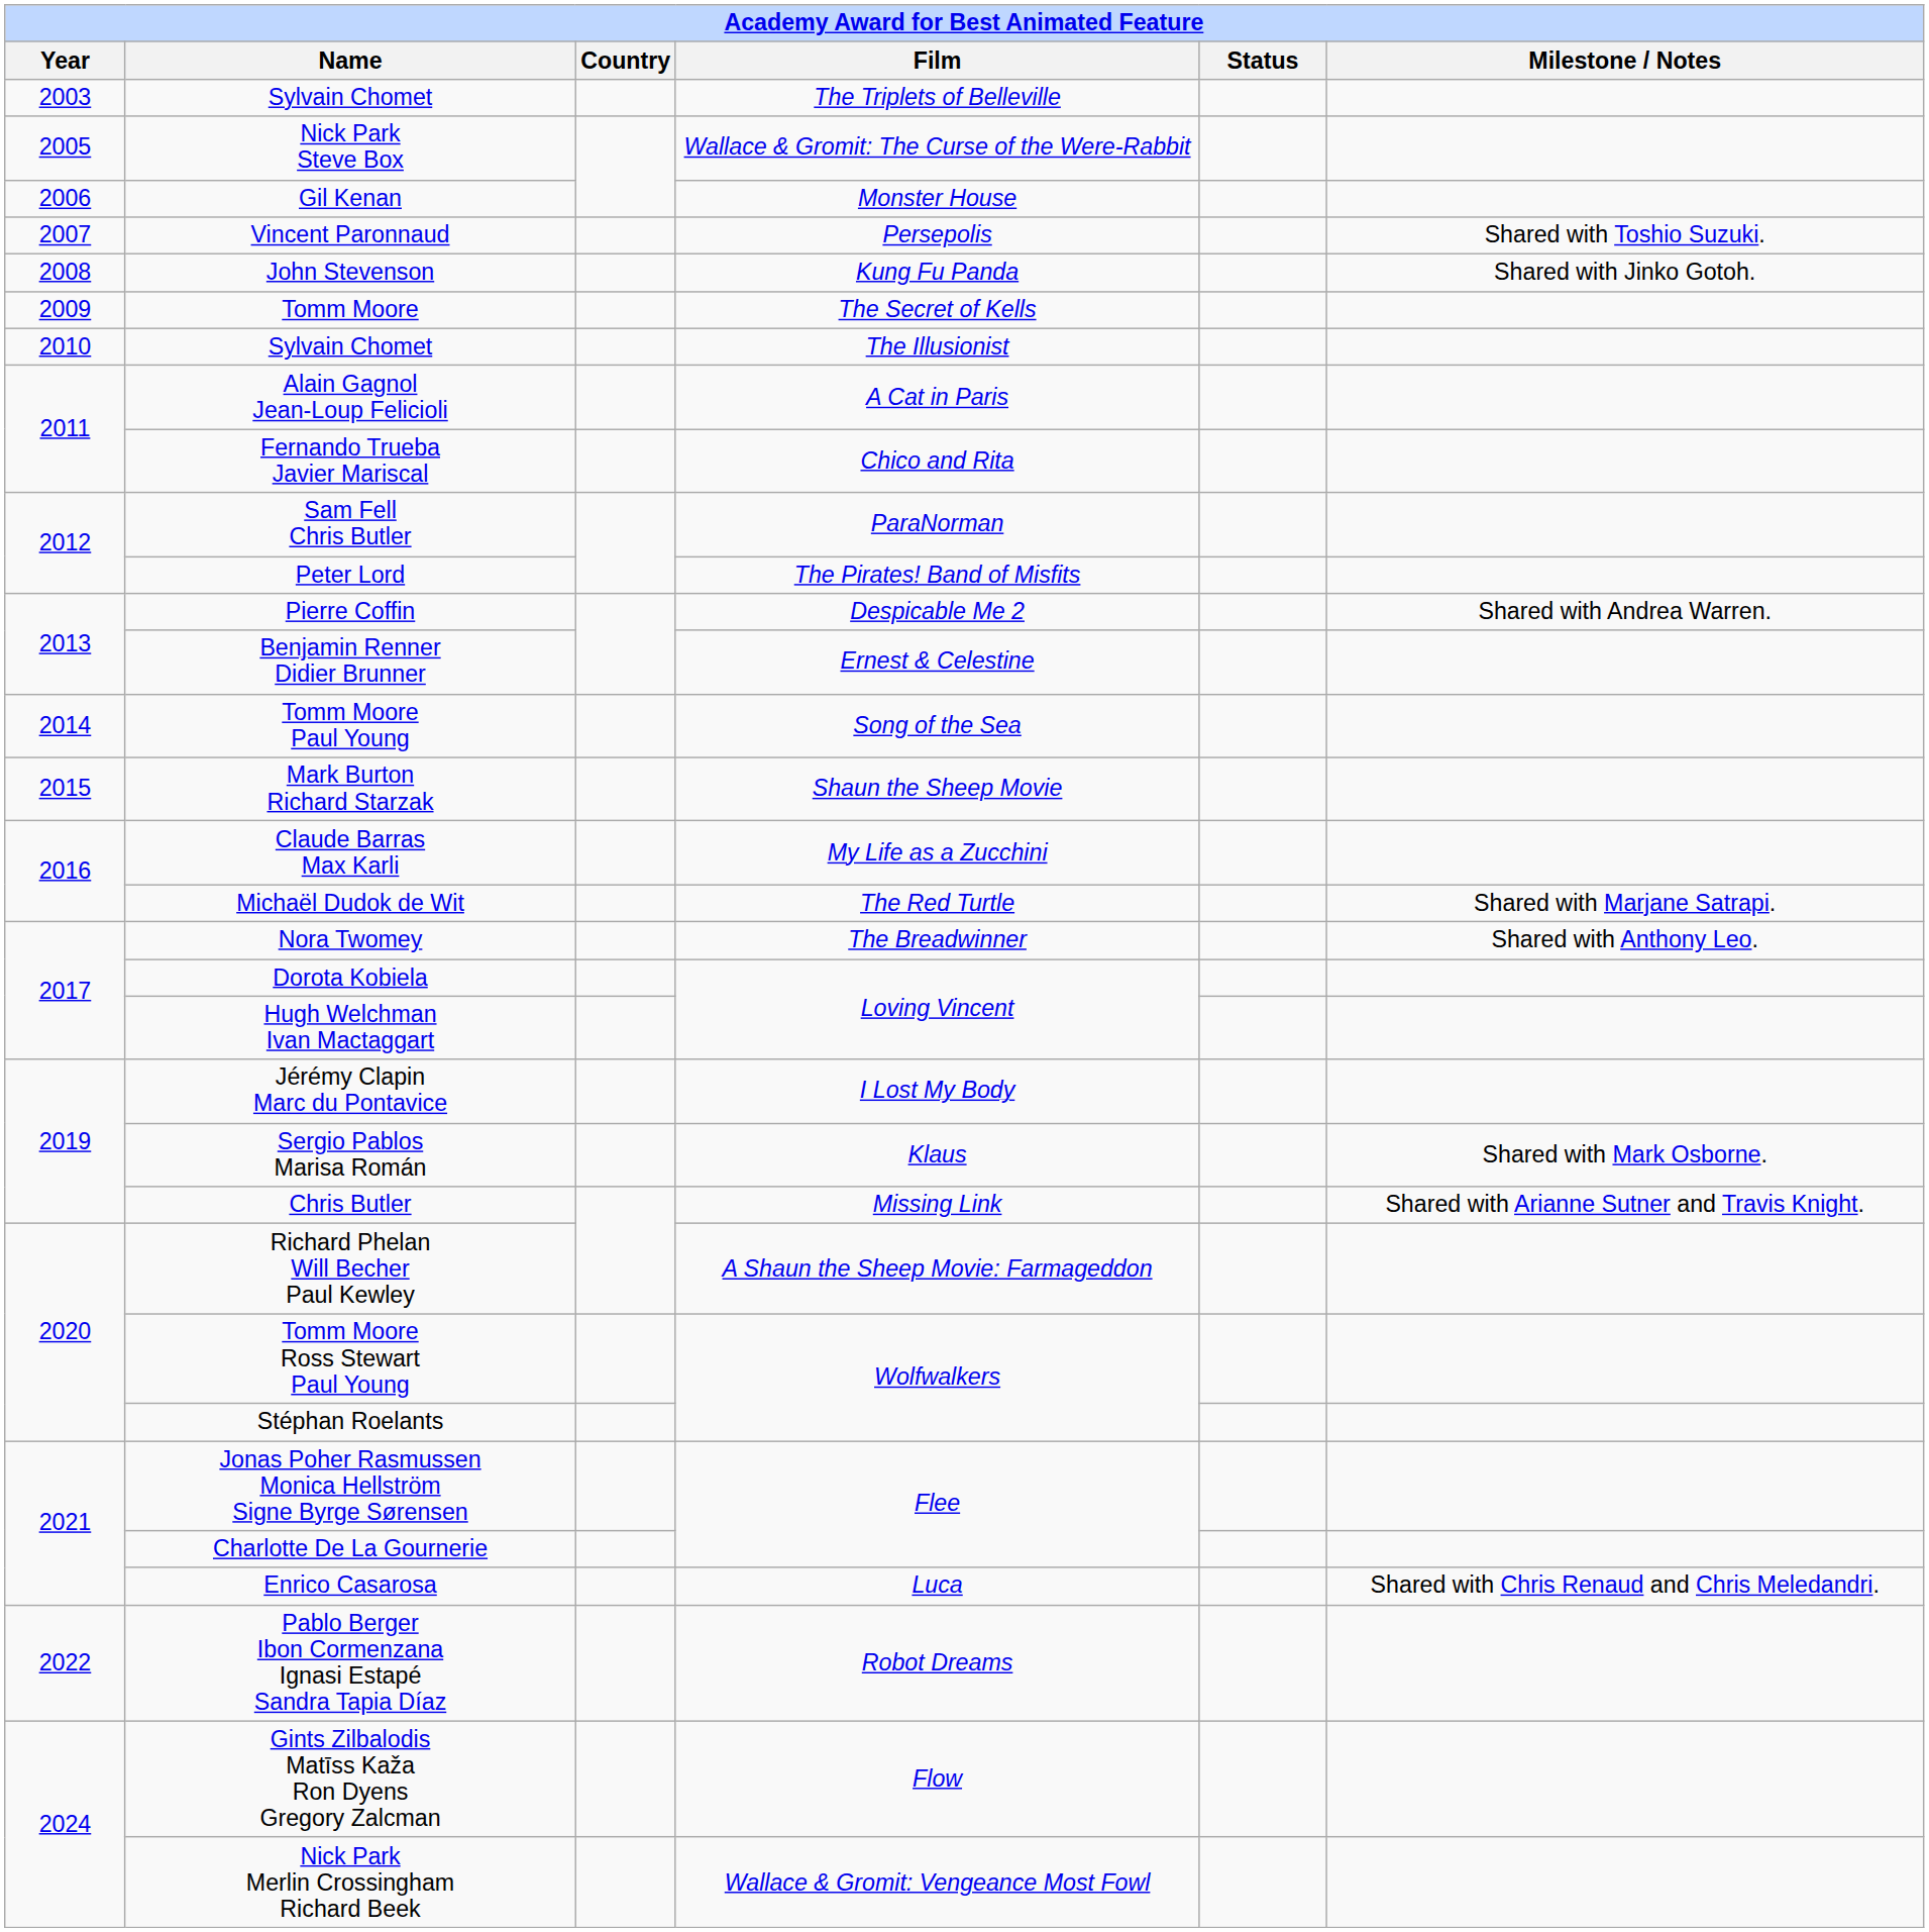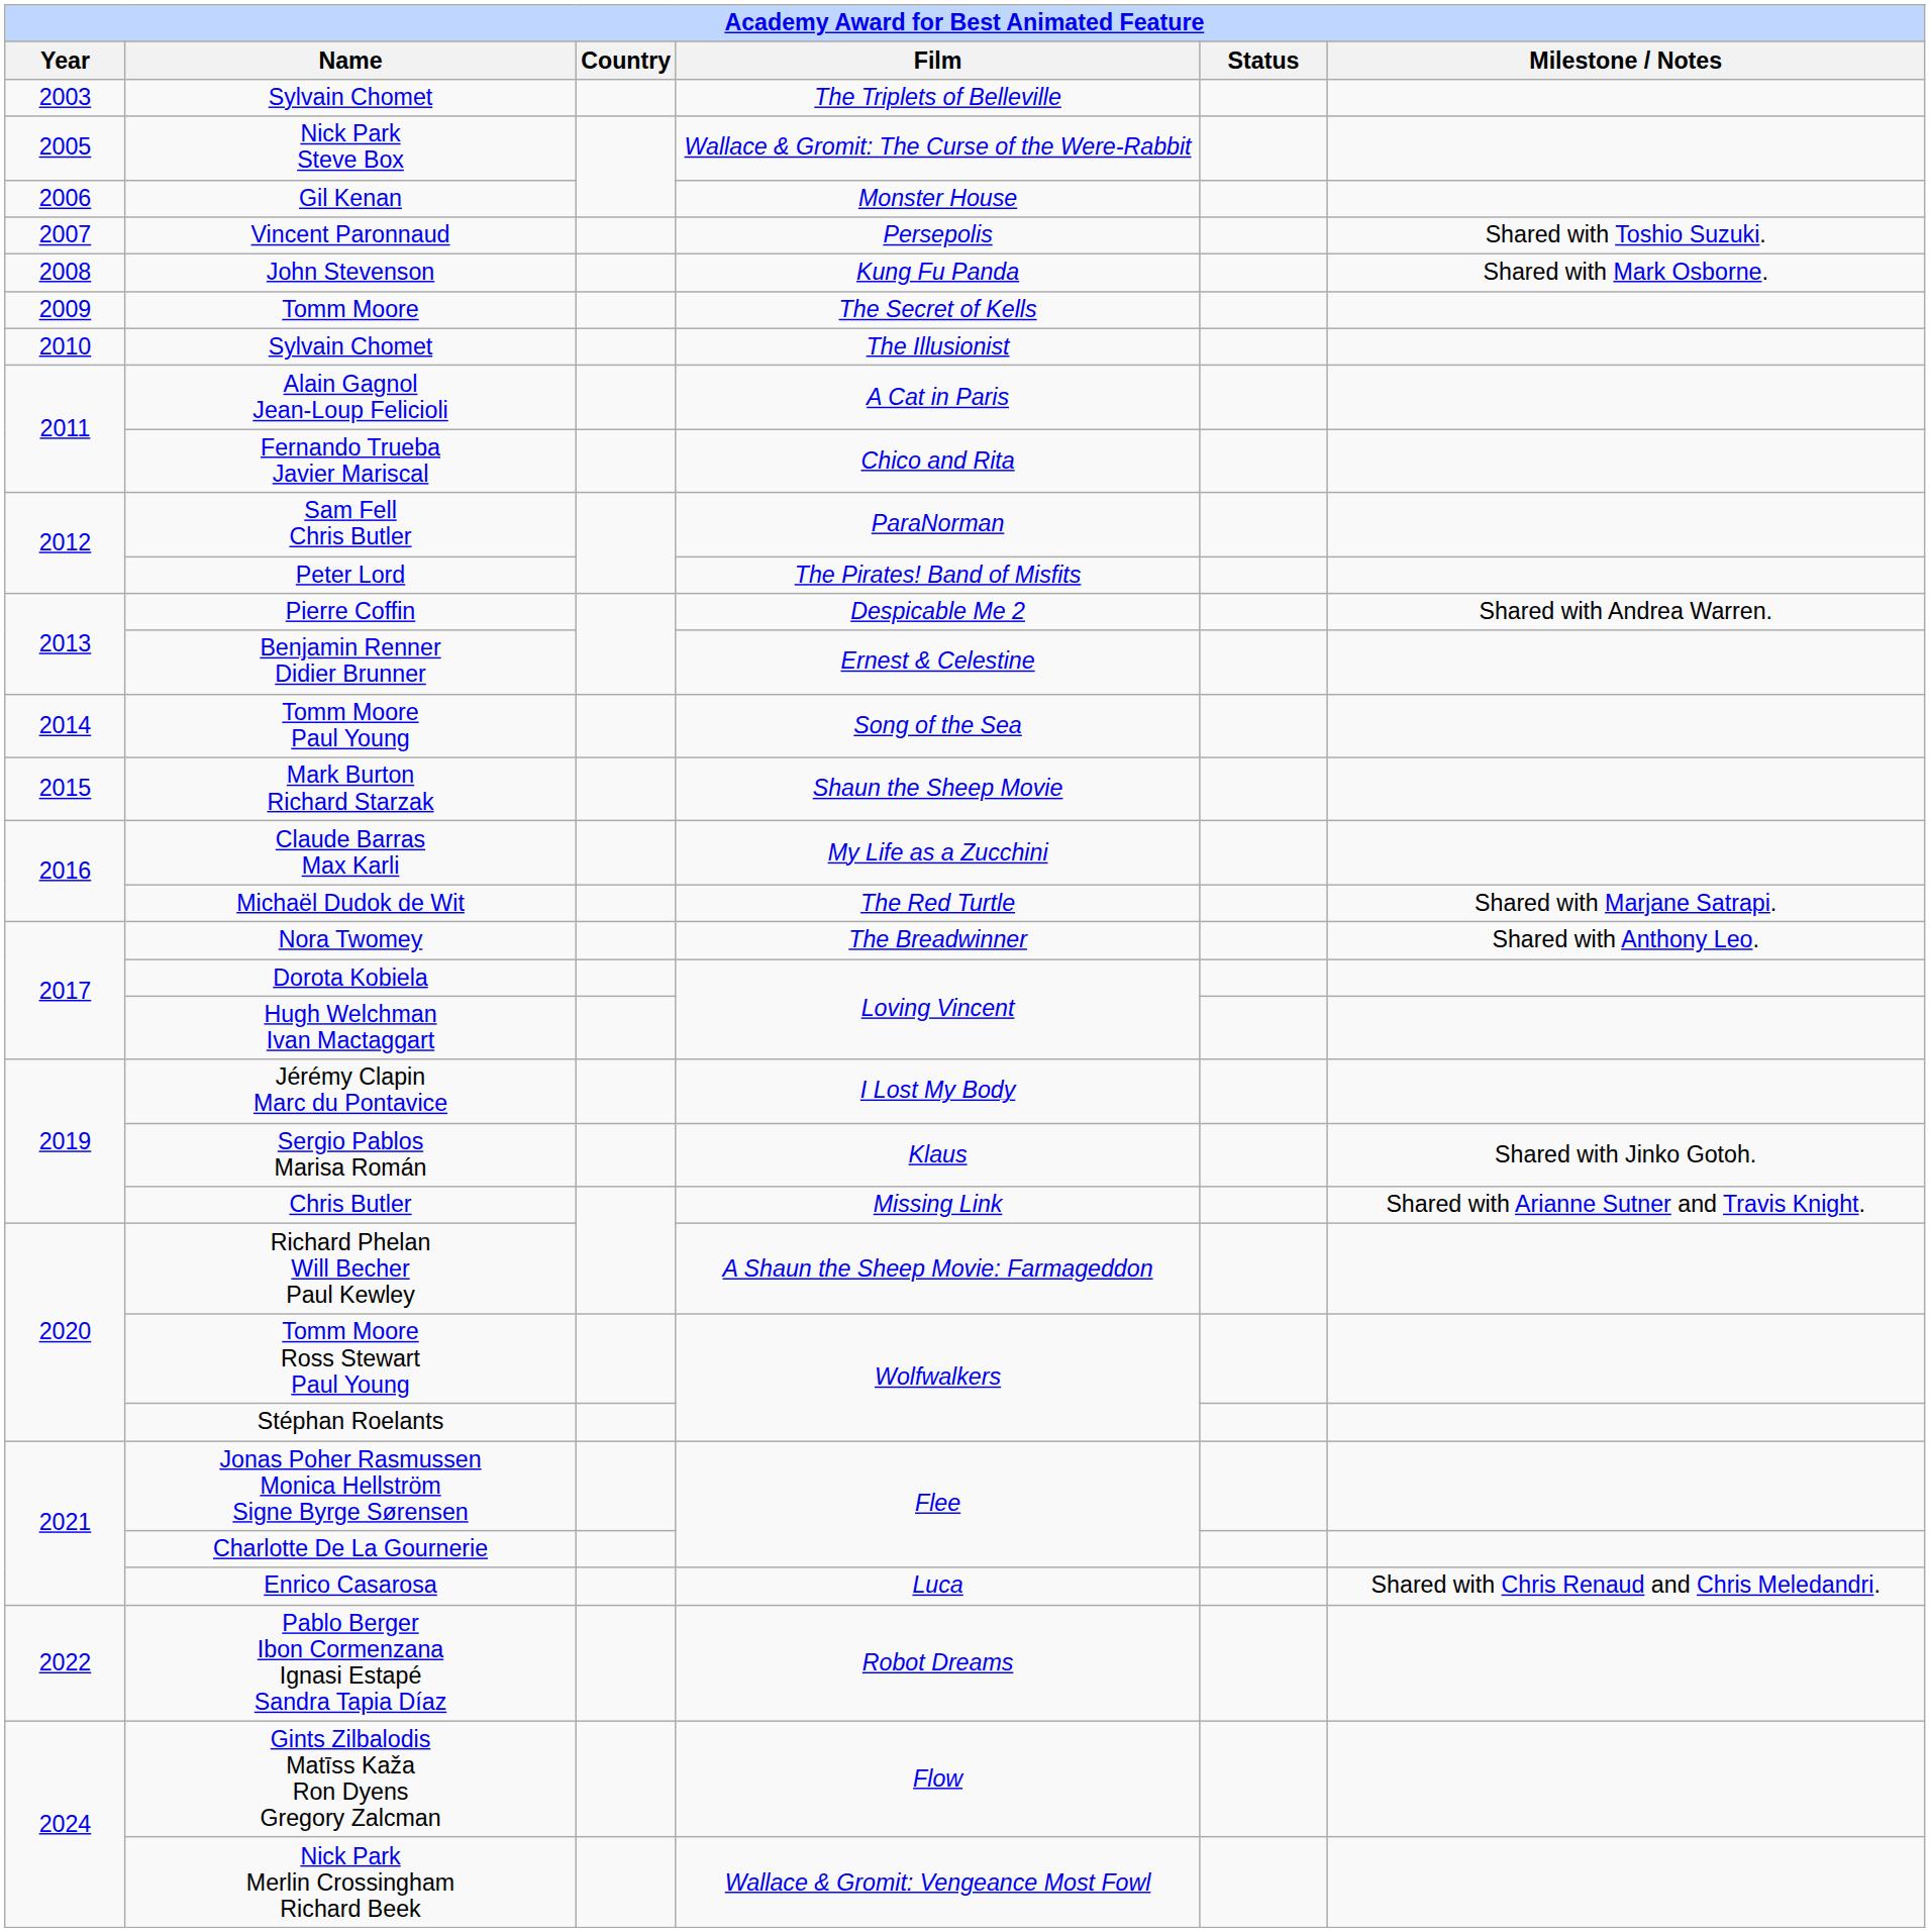 <table class="wikitable" style="text-align: center">
 <tr ---- bgcolor="#bfd7ff">
 <td colspan=6 align=center><strong><a href='#'>Academy Award for Best Animated Feature</a></strong></td>
 </tr>
 <tr ---- bgcolor="#ebf5ff">
 <th width="75">Year</th>
 <th width="300">Name</th>
 <th width="50">Country</th>
 <th width="350">Film</th>
 <th width="80">Status</th>
 <th width="400">Milestone / Notes</th>
 </tr>
 <tr>
 <td><a href='#'>2003</a></td>
 <td><a href='#'>Sylvain Chomet</a></td>
 <td></td>
 <td><em><a href='#'>The Triplets of Belleville</a></em></td>
 <td></td>
 <td></td>
 </tr>
 <tr>
 <td><a href='#'>2005</a></td>
 <td><a href='#'>Nick Park</a><br><a href='#'>Steve Box</a></td>
 <td rowspan=2></td>
 <td><em><a href='#'>Wallace & Gromit: The Curse of the Were-Rabbit</a></em></td>
 <td></td>
 <td></td>
 </tr>
 <tr>
 <td><a href='#'>2006</a></td>
 <td><a href='#'>Gil Kenan</a></td>
 <td><em><a href='#'>Monster House</a></em></td>
 <td></td>
 <td></td>
 </tr>
 <tr>
 <td><a href='#'>2007</a></td>
 <td><a href='#'>Vincent Paronnaud</a></td>
 <td></td>
 <td><em><a href='#'>Persepolis</a></em></td>
 <td></td>
 <td>Shared with <a href='#'>Toshio Suzuki</a>.</td>
 </tr>
 <tr>
 <td><a href='#'>2008</a></td>
 <td><a href='#'>John Stevenson</a></td>
 <td></td>
 <td><em><a href='#'>Kung Fu Panda</a></em></td>
 <td></td>
-<td>Shared with Jinko Gotoh.</td>
+<td>Shared with <a href='#'>Mark Osborne</a>.</td>
 </tr>
 <tr>
 <td><a href='#'>2009</a></td>
 <td><a href='#'>Tomm Moore</a></td>
 <td></td>
 <td><em><a href='#'>The Secret of Kells</a></em></td>
 <td></td>
 <td></td>
 </tr>
 <tr>
 <td><a href='#'>2010</a></td>
 <td><a href='#'>Sylvain Chomet</a></td>
 <td></td>
 <td><em><a href='#'>The Illusionist</a></em></td>
 <td></td>
 <td></td>
 </tr>
 <tr>
 <td rowspan=2><a href='#'>2011</a></td>
 <td><a href='#'>Alain Gagnol</a><br><a href='#'>Jean-Loup Felicioli</a></td>
 <td></td>
 <td><em><a href='#'>A Cat in Paris</a></em></td>
 <td></td>
 <td></td>
 </tr>
 <tr>
 <td><a href='#'>Fernando Trueba</a><br><a href='#'>Javier Mariscal</a></td>
 <td></td>
 <td><em><a href='#'>Chico and Rita</a></em></td>
 <td></td>
 <td></td>
 </tr>
 <tr>
 <td rowspan=2><a href='#'>2012</a></td>
 <td><a href='#'>Sam Fell</a><br><a href='#'>Chris Butler</a></td>
 <td rowspan=2></td>
 <td><em><a href='#'>ParaNorman</a></em></td>
 <td></td>
 <td></td>
 </tr>
 <tr>
 <td><a href='#'>Peter Lord</a></td>
 <td><em><a href='#'>The Pirates! Band of Misfits</a></em></td>
 <td></td>
 <td></td>
 </tr>
 <tr>
 <td rowspan=2><a href='#'>2013</a></td>
 <td><a href='#'>Pierre Coffin</a></td>
 <td rowspan=2></td>
 <td><em><a href='#'>Despicable Me 2</a></em></td>
 <td></td>
 <td>Shared with Andrea Warren.</td>
 </tr>
 <tr>
 <td><a href='#'>Benjamin Renner</a><br><a href='#'>Didier Brunner</a></td>
 <td><em><a href='#'>Ernest & Celestine</a></em></td>
 <td></td>
 <td></td>
 </tr>
 <tr>
 <td><a href='#'>2014</a></td>
 <td><a href='#'>Tomm Moore</a><br><a href='#'>Paul Young</a></td>
 <td></td>
 <td><em><a href='#'>Song of the Sea</a></em></td>
 <td></td>
 <td></td>
 </tr>
 <tr>
 <td><a href='#'>2015</a></td>
 <td><a href='#'>Mark Burton</a><br><a href='#'>Richard Starzak</a></td>
 <td></td>
 <td><em><a href='#'>Shaun the Sheep Movie</a></em></td>
 <td></td>
 <td></td>
 </tr>
 <tr>
 <td rowspan=2><a href='#'>2016</a></td>
 <td><a href='#'>Claude Barras</a><br><a href='#'>Max Karli</a></td>
 <td></td>
 <td><em><a href='#'>My Life as a Zucchini</a></em></td>
 <td></td>
 <td></td>
 </tr>
 <tr>
 <td><a href='#'>Michaël Dudok de Wit</a></td>
 <td></td>
 <td><em><a href='#'>The Red Turtle</a></em></td>
 <td></td>
 <td>Shared with <a href='#'>Marjane Satrapi</a>.</td>
 </tr>
 <tr>
 <td rowspan=3><a href='#'>2017</a></td>
 <td><a href='#'>Nora Twomey</a></td>
 <td></td>
 <td><em><a href='#'>The Breadwinner</a></em></td>
 <td></td>
 <td>Shared with  <a href='#'>Anthony Leo</a>.</td>
 </tr>
 <tr>
 <td><a href='#'>Dorota Kobiela</a></td>
 <td></td>
 <td rowspan=2><em><a href='#'>Loving Vincent</a></em></td>
 <td></td>
 <td></td>
 </tr>
 <tr>
 <td><a href='#'>Hugh Welchman</a><br><a href='#'>Ivan Mactaggart</a></td>
 <td></td>
 <td></td>
 <td></td>
 </tr>
 <tr>
 <td rowspan=3><a href='#'>2019</a></td>
 <td>Jérémy Clapin<br><a href='#'>Marc du Pontavice</a></td>
 <td></td>
 <td><em><a href='#'>I Lost My Body</a></em></td>
 <td></td>
 <td></td>
 </tr>
 <tr>
 <td><a href='#'>Sergio Pablos</a><br>Marisa Román</td>
 <td></td>
 <td><em><a href='#'>Klaus</a></em></td>
 <td></td>
-<td>Shared with <a href='#'>Mark Osborne</a>.</td>
+<td>Shared with Jinko Gotoh.</td>
 </tr>
 <tr>
 <td><a href='#'>Chris Butler</a></td>
 <td rowspan=2></td>
 <td><em><a href='#'>Missing Link</a></em></td>
 <td></td>
 <td>Shared with <a href='#'>Arianne Sutner</a> and <a href='#'>Travis Knight</a>.</td>
 </tr>
 <tr>
 <td rowspan=3><a href='#'>2020</a></td>
 <td>Richard Phelan<br><a href='#'>Will Becher</a><br>Paul Kewley</td>
 <td><em><a href='#'>A Shaun the Sheep Movie: Farmageddon</a></em></td>
 <td></td>
 <td></td>
 </tr>
 <tr>
 <td><a href='#'>Tomm Moore</a><br>Ross Stewart<br><a href='#'>Paul Young</a></td>
 <td></td>
 <td rowspan=2><em><a href='#'>Wolfwalkers</a></em></td>
 <td></td>
 <td></td>
 </tr>
 <tr>
 <td>Stéphan Roelants</td>
 <td></td>
 <td></td>
 <td></td>
 </tr>
 <tr>
 <td rowspan=3><a href='#'>2021</a></td>
 <td><a href='#'>Jonas Poher Rasmussen</a><br><a href='#'>Monica Hellström</a><br><a href='#'>Signe Byrge Sørensen</a></td>
 <td></td>
 <td rowspan=2><em><a href='#'>Flee</a></em></td>
 <td></td>
 <td></td>
 </tr>
 <tr>
 <td><a href='#'>Charlotte De La Gournerie</a></td>
 <td></td>
 <td></td>
 <td></td>
 </tr>
 <tr>
 <td><a href='#'>Enrico Casarosa</a></td>
 <td></td>
 <td><em><a href='#'>Luca</a></em></td>
 <td></td>
 <td>Shared with <a href='#'>Chris Renaud</a> and <a href='#'>Chris Meledandri</a>.</td>
 </tr>
 <tr>
 <td><a href='#'>2022</a></td>
 <td><a href='#'>Pablo Berger</a><br><a href='#'>Ibon Cormenzana</a><br>Ignasi Estapé<br><a href='#'>Sandra Tapia Díaz</a></td>
 <td></td>
 <td><a href='#'><em>Robot Dreams</em></a></td>
 <td></td>
 <td></td>
 </tr>
 <tr>
 <td rowspan="2"><a href='#'>2024</a></td>
 <td><a href='#'>Gints Zilbalodis</a><br>Matīss Kaža<br>Ron Dyens<br>Gregory Zalcman</td>
 <td><br><br></td>
 <td><em><a href='#'>Flow</a></em></td>
 <td></td>
 <td></td>
 </tr>
 <tr>
 <td><a href='#'>Nick Park</a><br>Merlin Crossingham<br>Richard Beek</td>
 <td><br></td>
 <td><em><a href='#'>Wallace & Gromit: Vengeance Most Fowl</a></em></td>
 <td></td>
 <td></td>
 </tr>
 </table>
